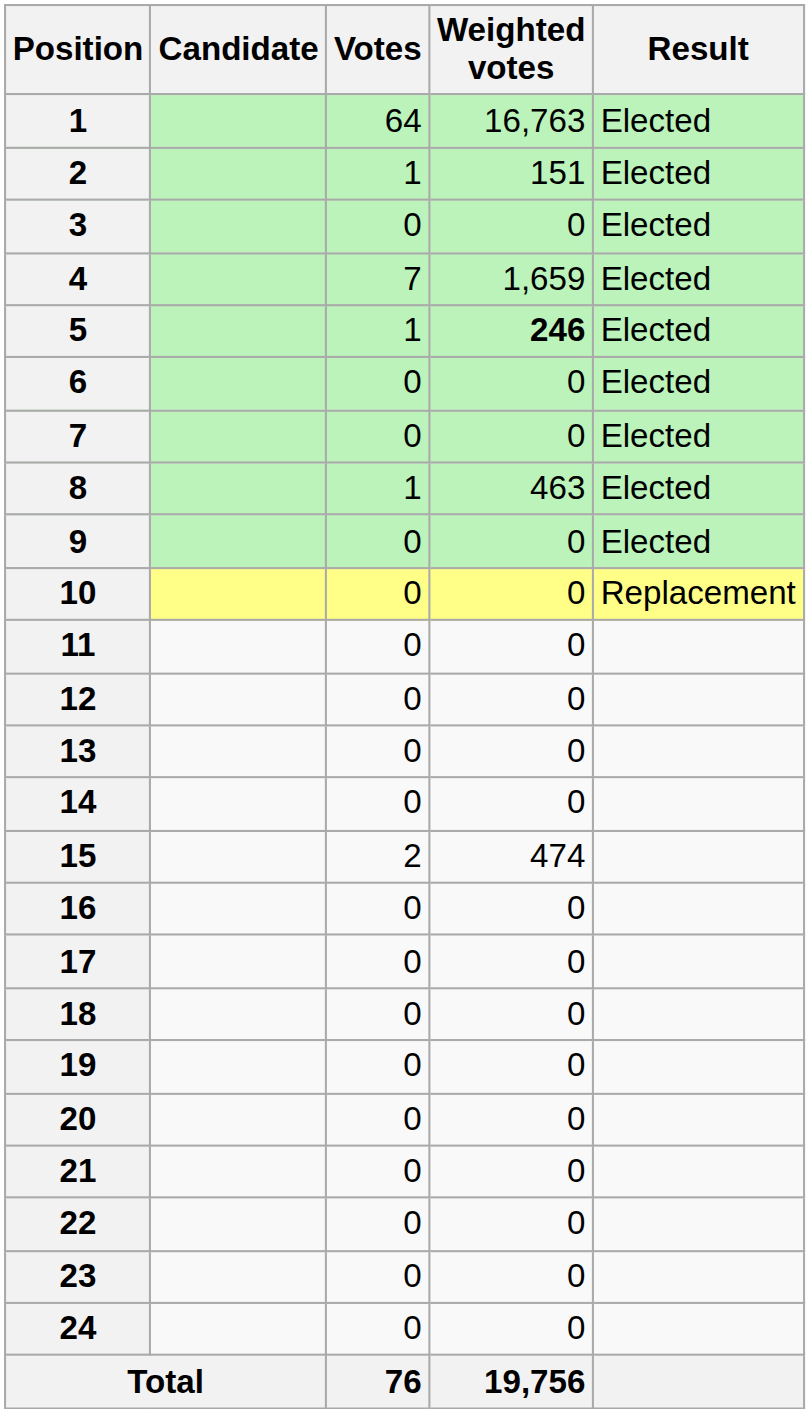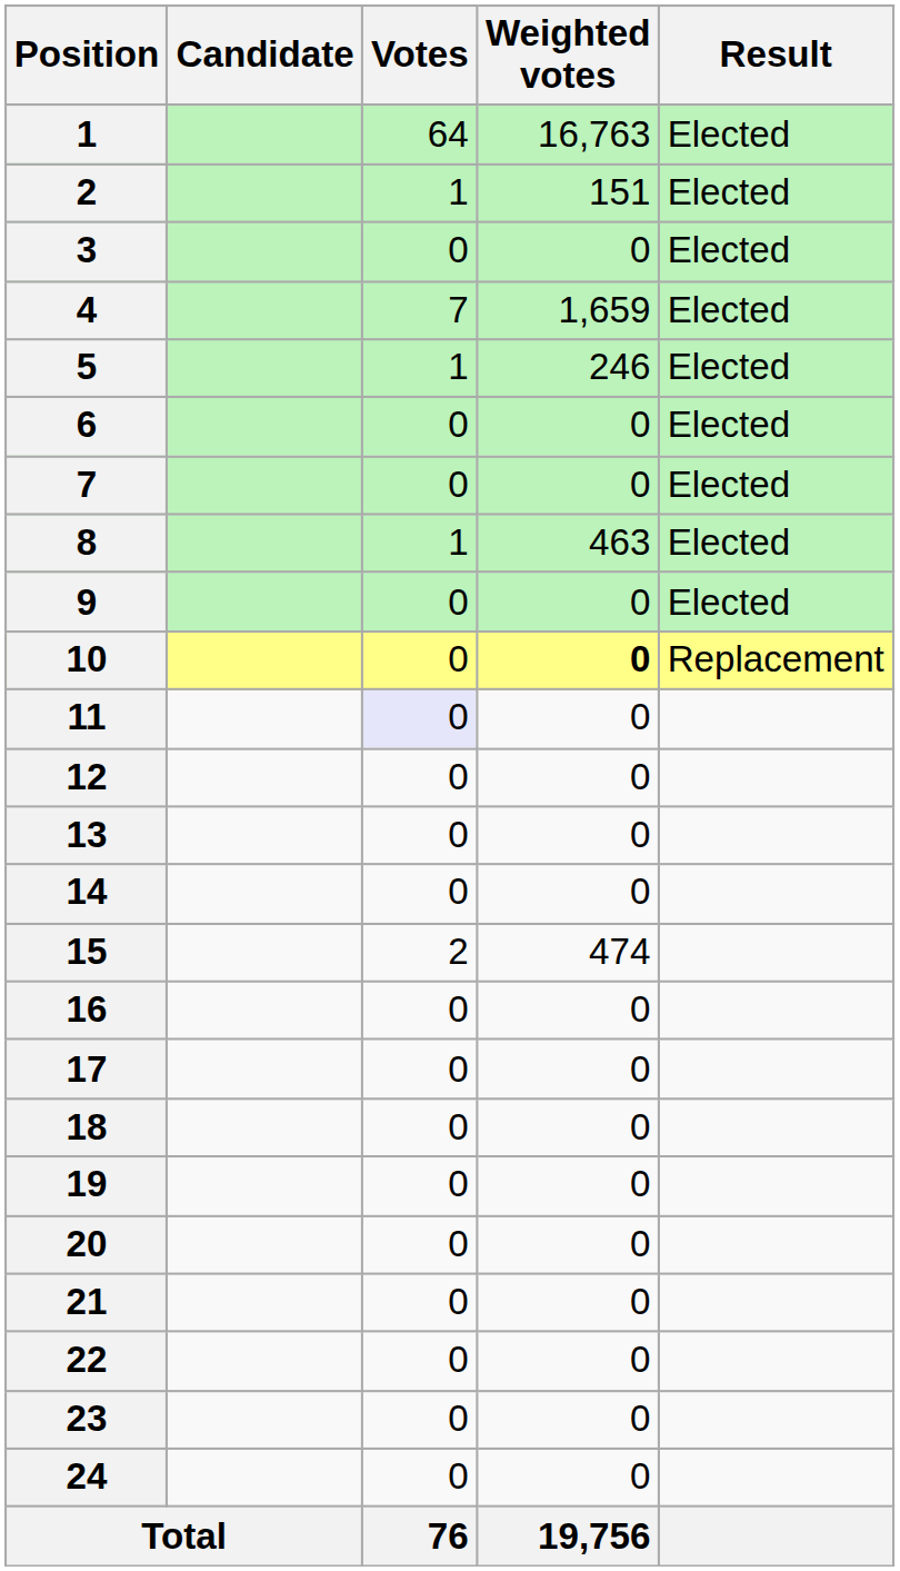 <table class="wikitable sortable">
 <tr>
 <th scope="col">Position</th>
 <th scope="col">Candidate</th>
 <th scope="col">Votes</th>
 <th scope="col">Weighted<br>votes</th>
 <th scope="col">Result</th>
 </tr>
 <tr bgcolor=bbf3bb>
 <th scope="row">1</th>
 <td></td>
 <td style="text-align:right">64</td>
 <td style="text-align:right">16,763</td>
 <td>Elected</td>
 </tr>
 <tr bgcolor=bbf3bb>
 <th scope="row">2</th>
 <td></td>
 <td style="text-align:right">1</td>
 <td style="text-align:right">151</td>
 <td>Elected</td>
 </tr>
 <tr bgcolor=bbf3bb>
 <th scope="row">3</th>
 <td></td>
 <td style="text-align:right">0</td>
 <td style="text-align:right">0</td>
 <td>Elected</td>
 </tr>
 <tr bgcolor=bbf3bb>
 <th scope="row">4</th>
 <td></td>
 <td style="text-align:right">7</td>
 <td style="text-align:right">1,659</td>
 <td>Elected</td>
 </tr>
 <tr bgcolor=bbf3bb>
 <th scope="row">5</th>
 <td></td>
 <td style="text-align:right">1</td>
-<td style="text-align:right"><strong>246</strong></td>
+<td style="text-align:right">246</td>
 <td>Elected</td>
 </tr>
 <tr bgcolor=bbf3bb>
 <th scope="row">6</th>
 <td></td>
 <td style="text-align:right">0</td>
 <td style="text-align:right">0</td>
 <td>Elected</td>
 </tr>
 <tr bgcolor=bbf3bb>
 <th scope="row">7</th>
 <td></td>
 <td style="text-align:right">0</td>
 <td style="text-align:right">0</td>
 <td>Elected</td>
 </tr>
 <tr bgcolor=bbf3bb>
 <th scope="row">8</th>
 <td></td>
 <td style="text-align:right">1</td>
 <td style="text-align:right">463</td>
 <td>Elected</td>
 </tr>
 <tr bgcolor=bbf3bb>
 <th scope="row">9</th>
 <td></td>
 <td style="text-align:right">0</td>
 <td style="text-align:right">0</td>
 <td>Elected</td>
 </tr>
 <tr bgcolor=#FF8>
 <th scope="row">10</th>
 <td></td>
 <td style="text-align:right">0</td>
-<td style="text-align:right">0</td>
+<td style="text-align:right"><strong>0</strong></td>
 <td>Replacement</td>
 </tr>
 <tr>
 <th scope="row">11</th>
 <td></td>
-<td style="text-align:right">0</td>
+<td style="background: lavender; text-align:right">0</td>
 <td style="text-align:right">0</td>
 <td></td>
 </tr>
 <tr>
 <th scope="row">12</th>
 <td></td>
 <td style="text-align:right">0</td>
 <td style="text-align:right">0</td>
 <td></td>
 </tr>
 <tr>
 <th scope="row">13</th>
 <td></td>
 <td style="text-align:right">0</td>
 <td style="text-align:right">0</td>
 <td></td>
 </tr>
 <tr>
 <th scope="row">14</th>
 <td></td>
 <td style="text-align:right">0</td>
 <td style="text-align:right">0</td>
 <td></td>
 </tr>
 <tr>
 <th scope="row">15</th>
 <td></td>
 <td style="text-align:right">2</td>
 <td style="text-align:right">474</td>
 <td></td>
 </tr>
 <tr>
 <th scope="row">16</th>
 <td></td>
 <td style="text-align:right">0</td>
 <td style="text-align:right">0</td>
 <td></td>
 </tr>
 <tr>
 <th scope="row">17</th>
 <td></td>
 <td style="text-align:right">0</td>
 <td style="text-align:right">0</td>
 <td></td>
 </tr>
 <tr>
 <th scope="row">18</th>
 <td></td>
 <td style="text-align:right">0</td>
 <td style="text-align:right">0</td>
 <td></td>
 </tr>
 <tr>
 <th scope="row">19</th>
 <td></td>
 <td style="text-align:right">0</td>
 <td style="text-align:right">0</td>
 <td></td>
 </tr>
 <tr>
 <th scope="row">20</th>
 <td></td>
 <td style="text-align:right">0</td>
 <td style="text-align:right">0</td>
 <td></td>
 </tr>
 <tr>
 <th scope="row">21</th>
 <td></td>
 <td style="text-align:right">0</td>
 <td style="text-align:right">0</td>
 <td></td>
 </tr>
 <tr>
 <th scope="row">22</th>
 <td></td>
 <td style="text-align:right">0</td>
 <td style="text-align:right">0</td>
 <td></td>
 </tr>
 <tr>
 <th scope="row">23</th>
 <td></td>
 <td style="text-align:right">0</td>
 <td style="text-align:right">0</td>
 <td></td>
 </tr>
 <tr>
 <th scope="row">24</th>
 <td></td>
 <td style="text-align:right">0</td>
 <td style="text-align:right">0</td>
 <td></td>
 </tr>
 <tr class="sortbottom">
 <th scope="row" colspan="2">Total</th>
 <th style="text-align:right">76</th>
 <th style="text-align:right">19,756</th>
 <th></th>
 </tr>
 </table>
